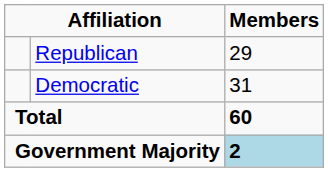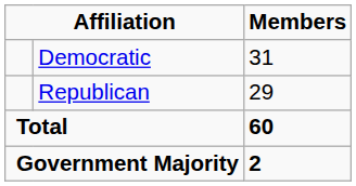 <table class="wikitable">
 <tr>
 <td colspan="2" rowspan="1" align="center" valign="top"><strong>Affiliation</strong></td>
 <td style="vertical-align:top;"><strong>Members</strong></td>
 </tr>
 <tr>
 <td style="background-color:"> </td>
-<td><a href='#'>Republican</a></td>
-<td>29</td>
+<td><a href='#'>Democratic</a></td>
+<td>31</td>
 </tr>
 <tr>
 <td style="background-color:"> </td>
-<td><a href='#'>Democratic</a></td>
-<td>31</td>
+<td><a href='#'>Republican</a></td>
+<td>29</td>
 </tr>
 <tr>
 <td colspan="2" rowspan="1"> <strong>Total</strong></td>
 <td><strong>60</strong></td>
 </tr>
 <tr>
 <td colspan="2" rowspan="1"> <strong>Government Majority</strong></td>
-<td style="background: lightblue;"><strong>2</strong></td>
+<td><strong>2</strong></td>
 </tr>
 </table>
